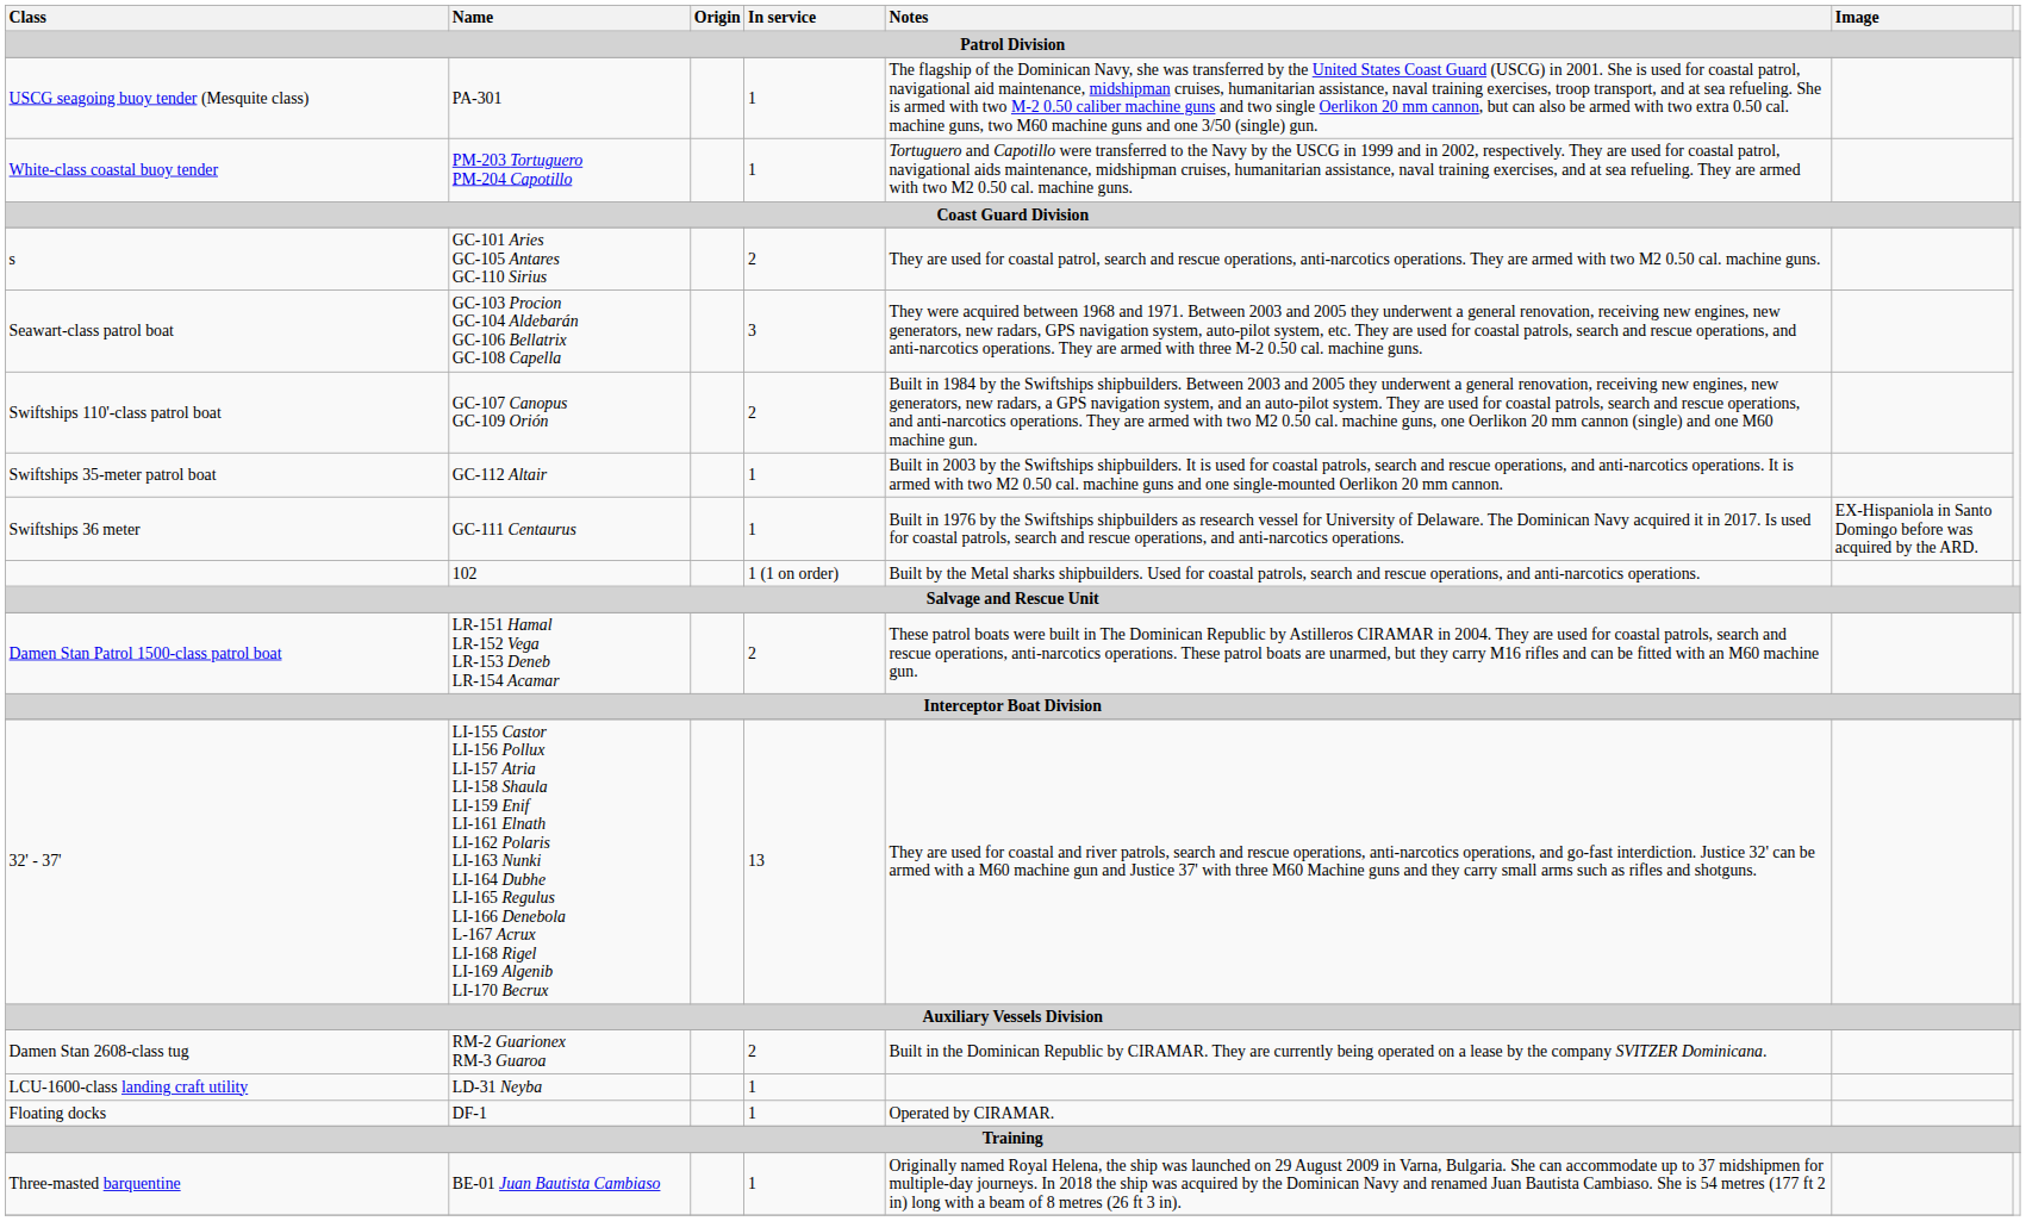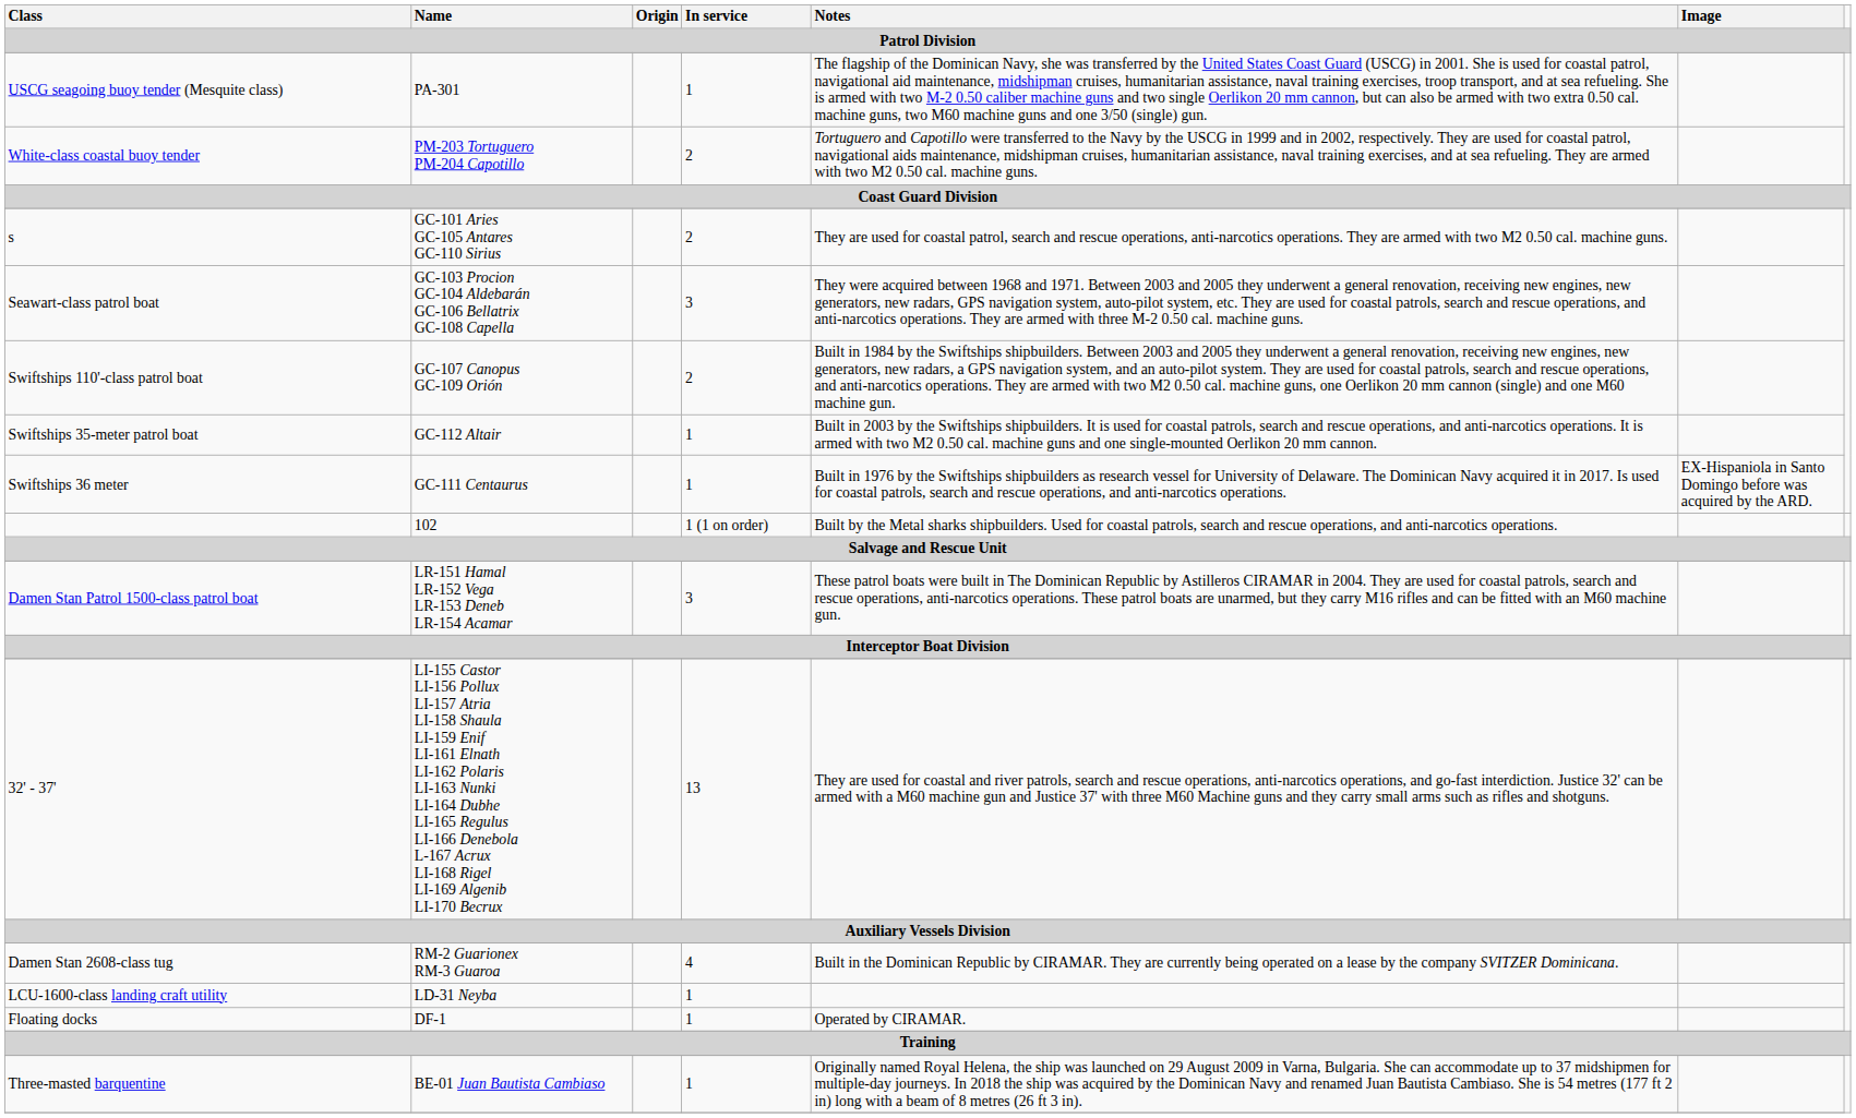 <table class="wikitable">
 <tr>
 <th style="text-align: left; width:22%;">Class</th>
 <th style="text-align: left; width:12%;">Name</th>
 <th style="text-align: left;">Origin</th>
 <th style="text-align: left; width:7%;">In service</th>
 <th style="text-align: left;">Notes</th>
 <th style="text-align: left;">Image</th>
 </tr>
 <tr>
 <th style="align: center; background: lightgray;" colspan="7"><strong>Patrol Division</strong></th>
 </tr>
 <tr style="background:#efefef; color:black">
 </tr>
 <tr>
 <td><a href='#'>USCG seagoing buoy tender</a> (Mesquite class)</td>
 <td>PA-301 </td>
 <td></td>
 <td>1</td>
 <td>The flagship of the Dominican Navy, she was transferred by the <a href='#'>United States Coast Guard</a> (USCG) in 2001. She is used for coastal patrol, navigational aid maintenance, <a href='#'>midshipman</a> cruises, humanitarian assistance, naval training exercises, troop transport, and at sea refueling. She is armed with two <a href='#'>M-2 0.50 caliber machine guns</a> and two single <a href='#'>Oerlikon 20 mm cannon</a>, but can also be armed with two extra 0.50 cal. machine guns, two M60 machine guns and one 3/50 (single) gun.</td>
 <td></td>
 </tr>
 <tr>
 <td><a href='#'>White-class coastal buoy tender</a></td>
 <td><a href='#'>PM-203 <em>Tortuguero</em></a>  <br><a href='#'>PM-204 <em>Capotillo</em></a></td>
 <td></td>
-<td>1</td>
+<td>2</td>
 <td><em>Tortuguero</em> and <em>Capotillo</em> were transferred to the Navy by the USCG in 1999 and in 2002, respectively. They are used for coastal patrol, navigational aids maintenance, midshipman cruises, humanitarian assistance, naval training exercises, and at sea refueling. They are armed with two M2 0.50 cal. machine guns.</td>
 <td></td>
 </tr>
 <tr>
 <th style="align: center; background: lightgray;" colspan="7"><strong>Coast Guard Division</strong></th>
 </tr>
 <tr style="background:#efefef; color:black">
 </tr>
 <tr>
 <td>s</td>
 <td>GC-101 <em>Aries</em> <br> GC-105 <em>Antares</em> <br> GC-110 <em>Sirius</em></td>
 <td></td>
 <td>2</td>
 <td>They are used for coastal patrol, search and rescue operations, anti-narcotics operations. They are armed with two M2 0.50 cal. machine guns.</td>
 <td></td>
 </tr>
 <tr>
 <td>Seawart-class patrol boat</td>
 <td>GC-103 <em>Procion</em> <br> GC-104 <em>Aldebarán</em> <br> GC-106 <em>Bellatrix</em> <br> GC-108 <em>Capella</em></td>
 <td></td>
 <td>3</td>
 <td>They were acquired between 1968 and 1971. Between 2003 and 2005 they underwent a general renovation, receiving new engines, new generators, new radars, GPS navigation system, auto-pilot system, etc. They are used for coastal patrols, search and rescue operations, and anti-narcotics operations. They are armed with three M-2 0.50 cal. machine guns.</td>
 <td></td>
 </tr>
 <tr>
 <td>Swiftships 110'-class patrol boat</td>
 <td>GC-107 <em>Canopus</em> <br> GC-109 <em>Orión</em></td>
 <td></td>
 <td>2</td>
 <td>Built in 1984 by the Swiftships shipbuilders. Between 2003 and 2005 they underwent a general renovation, receiving new engines, new generators, new radars, a GPS navigation system, and an auto-pilot system. They are used for coastal patrols, search and rescue operations, and anti-narcotics operations. They are armed with two M2 0.50 cal. machine guns, one Oerlikon 20 mm cannon (single) and one M60 machine gun.</td>
 <td></td>
 </tr>
 <tr>
 <td>Swiftships 35-meter patrol boat</td>
 <td>GC-112 <em>Altair</em></td>
 <td></td>
 <td>1</td>
 <td>Built in 2003 by the Swiftships shipbuilders. It is used for coastal patrols, search and rescue operations, and anti-narcotics operations. It is armed with two M2 0.50 cal. machine guns and one single-mounted Oerlikon 20 mm cannon.</td>
 <td></td>
 </tr>
 <tr>
 <td>Swiftships 36 meter</td>
 <td>GC-111 <em>Centaurus</em></td>
 <td></td>
 <td>1</td>
 <td>Built in 1976 by the Swiftships shipbuilders as research vessel for University of Delaware. The Dominican Navy acquired it in 2017. Is used for coastal patrols, search and rescue operations, and anti-narcotics operations.</td>
 <td> EX-Hispaniola in Santo Domingo before was acquired by the ARD.</td>
 </tr>
 <tr>
 <td></td>
 <td>102 </td>
 <td></td>
 <td>1 (1 on order)</td>
 <td>Built by the Metal sharks shipbuilders. Used for coastal patrols, search and rescue operations, and anti-narcotics operations.</td>
 <td></td>
 <td></td>
 </tr>
 <tr>
 <th style="align: center; background: lightgray;" colspan="7"><strong>Salvage and Rescue Unit</strong></th>
 </tr>
 <tr style="background:#efefef; color:black">
 </tr>
 <tr>
 <td><a href='#'>Damen Stan Patrol 1500-class patrol boat</a></td>
 <td>LR-151 <em>Hamal</em> <br> LR-152 <em>Vega</em> <br> LR-153 <em>Deneb</em> <br> LR-154 <em>Acamar</em></td>
 <td></td>
-<td>2</td>
+<td>3</td>
 <td>These patrol boats were built in The Dominican Republic by Astilleros CIRAMAR in 2004. They are used for coastal patrols, search and rescue operations, anti-narcotics operations. These patrol boats are unarmed, but they carry M16 rifles and can be fitted with an M60 machine gun.</td>
 <td></td>
 </tr>
 <tr>
 <th style="align: center; background: lightgray;" colspan="7"><strong>Interceptor Boat Division</strong></th>
 </tr>
 <tr style="background:#efefef; color:black">
 </tr>
 <tr>
 <td>32' - 37' </td>
 <td>LI-155 <em>Castor</em> <br> LI-156 <em>Pollux</em> <br>LI-157 <em>Atria</em> <br> LI-158 <em>Shaula</em> <br> LI-159 <em>Enif</em> <br> LI-161 <em>Elnath</em> <br> LI-162 <em>Polaris</em> <br> LI-163 <em>Nunki</em> <br> LI-164 <em>Dubhe</em> <br> LI-165 <em>Regulus</em> <br> LI-166 <em>Denebola</em> <br> L-167 <em>Acrux</em> <br> LI-168 <em>Rigel</em> <br> LI-169 <em>Algenib</em><br> LI-170 <em>Becrux</em></td>
 <td></td>
 <td>13</td>
 <td>They are used for coastal and river patrols, search and rescue operations, anti-narcotics operations, and go-fast interdiction. Justice 32' can be armed with a M60 machine gun and Justice 37' with three M60 Machine guns and they carry small arms such as rifles and shotguns.</td>
 <td></td>
 <td></td>
 </tr>
 <tr>
 <th style="align: center; background: lightgray;" colspan="7"><strong>Auxiliary Vessels Division</strong></th>
 </tr>
 <tr style="background:#efefef; color:black">
 </tr>
 <tr>
 <td>Damen Stan 2608-class tug</td>
 <td>RM-2 <em>Guarionex</em> <br> RM-3 <em>Guaroa</em></td>
 <td></td>
-<td>2</td>
+<td>4</td>
 <td>Built in the Dominican Republic by CIRAMAR. They are currently being operated on a lease by the company <em>SVITZER Dominicana</em>.</td>
 <td></td>
 </tr>
 <tr>
 <td>LCU-1600-class <a href='#'>landing craft utility</a></td>
 <td>LD-31 <em>Neyba</em></td>
 <td></td>
 <td>1</td>
 <td></td>
 <td></td>
 </tr>
 <tr>
 <td>Floating docks</td>
 <td>DF-1</td>
 <td></td>
 <td>1</td>
 <td>Operated by CIRAMAR.</td>
 <td></td>
 </tr>
 <tr>
 </tr>
 <tr>
 <th style="align: center; background: lightgray;" colspan="7"><strong>Training</strong></th>
 </tr>
 <tr style="background:#efefef; color:black">
 </tr>
 <tr>
 <td>Three-masted <a href='#'>barquentine</a></td>
 <td>BE-01 <a href='#'><em>Juan Bautista Cambiaso</em></a> <br></td>
 <td></td>
 <td>1</td>
 <td>Originally named Royal Helena, the ship was launched on 29 August 2009 in Varna, Bulgaria. She can accommodate up to 37 midshipmen for multiple-day journeys. In 2018 the ship was acquired by the Dominican Navy and renamed Juan Bautista Cambiaso. She is 54 metres (177 ft 2 in) long with a beam of 8 metres (26 ft 3 in).</td>
 <td></td>
 </tr>
 <tr>
 </tr>
 </table>
